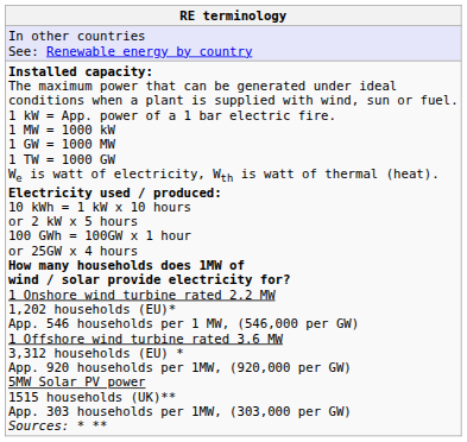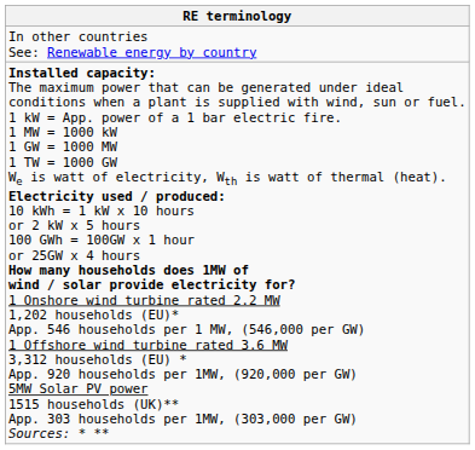 <table style="margin-right: auto; margin-right: auto; border: none;" class="wikitable collapsible collapsed">
 <tr>
 <th><strong>RE terminology</strong></th>
 </tr>
 <tr>
-<td style="background: lavender;">In other countries<br>See: <a href='#'>Renewable energy by country</a></td>
+<td>In other countries<br>See: <a href='#'>Renewable energy by country</a></td>
 </tr>
 <tr>
 <td><strong>Installed capacity:</strong><br>The maximum power that can be generated under ideal<br>conditions when a plant is supplied with wind, sun or fuel.<br>1 kW     = App. power of a 1 bar electric fire.<br>1 MW   = 1000 kW<br>1 GW   = 1000 MW<br>1 TW    = 1000 GW<br>W<sub>e</sub> is watt of electricity, W<sub>th</sub> is watt of thermal (heat).<br><strong>Electricity used / produced:</strong><br>10 kWh       =   1 kW x 10 hours<br>or                  2 kW x 5 hours<br>100 GWh  = 100GW x 1 hour<br>or                 25GW x 4 hours<br><strong>How many households does 1MW of</strong><br><strong>wind / solar provide electricity for?</strong><br><u>1 Onshore wind turbine rated 2.2 MW</u><br>1,202  households (EU)*<br>App. 546 households per 1 MW, (546,000 per GW)<br><u>1 Offshore wind turbine rated 3.6 MW</u><br>3,312 households (EU) *<br>App.  920 households per 1MW, (920,000 per GW)<br><u>5MW Solar PV power </u><br>1515 households (UK)**<br>App. 303 households per 1MW, (303,000 per GW)<br><em>Sources: *   **</td>
 </tr>
 </table>
